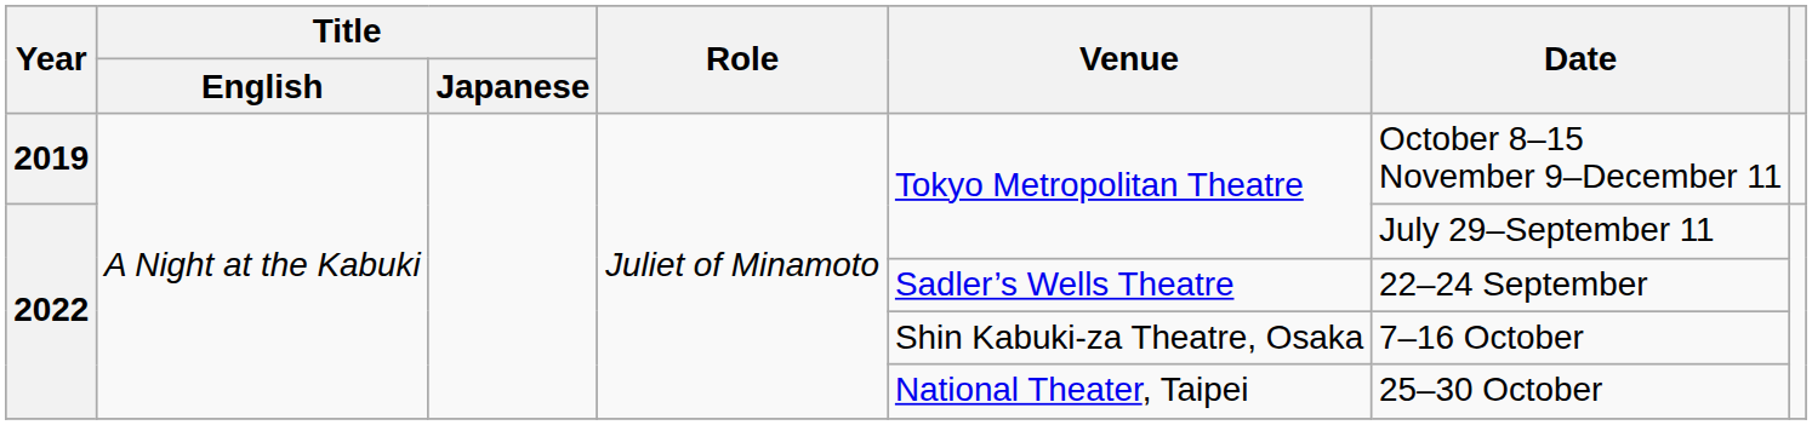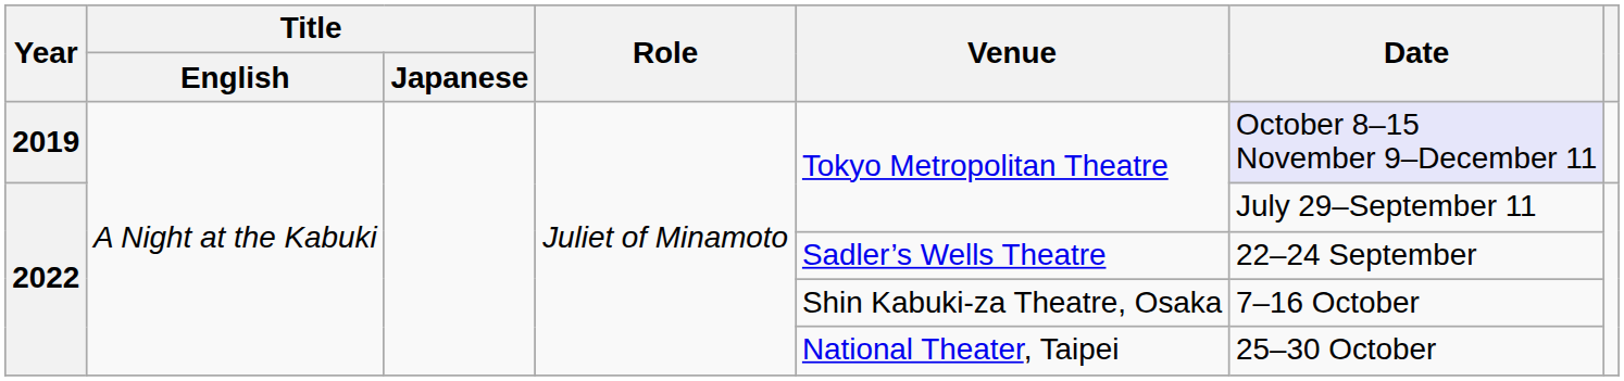 <table class="wikitable plainrowheaders sortable">
 <tr>
 <th scope="col" rowspan="2">Year</th>
 <th scope="col" colspan="2">Title</th>
 <th scope="col" rowspan="2">Role</th>
 <th scope="col" rowspan="2">Venue</th>
 <th scope="col" rowspan="2">Date</th>
 <th scope="col" rowspan="2" class="unsortable"></th>
 </tr>
 <tr>
 <th>English</th>
 <th>Japanese</th>
 </tr>
 <tr>
 <th scope="row">2019</th>
 <td rowspan="5"><em>A Night at the Kabuki</em></td>
 <td rowspan="5"><em></em></td>
 <td rowspan="5"><em>Juliet of Minamoto</em></td>
 <td rowspan="2"><a href='#'>Tokyo Metropolitan Theatre</a></td>
-<td>October 8–15<br>November 9–December 11</td>
+<td style="background: lavender;">October 8–15<br>November 9–December 11</td>
 <td style="text-align:center"></td>
 </tr>
 <tr>
 <th scope="row" rowspan="5">2022</th>
 <td>July 29–September 11</td>
 <td style="text-align:center" rowspan="4"></td>
 </tr>
 <tr>
 <td><a href='#'>Sadler’s Wells Theatre</a></td>
 <td>22–24 September</td>
 </tr>
 <tr>
 <td>Shin Kabuki-za Theatre, Osaka</td>
 <td>7–16 October</td>
 </tr>
 <tr>
 <td><a href='#'>National Theater</a>, Taipei</td>
 <td>25–30 October</td>
 </tr>
 </table>
